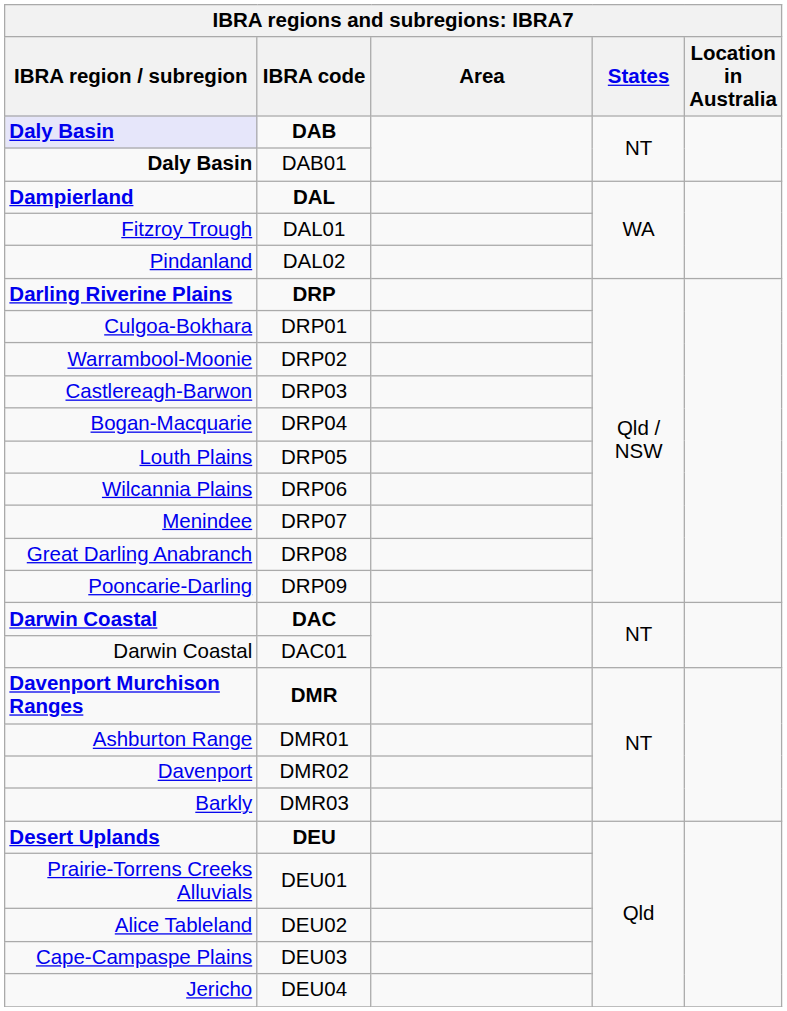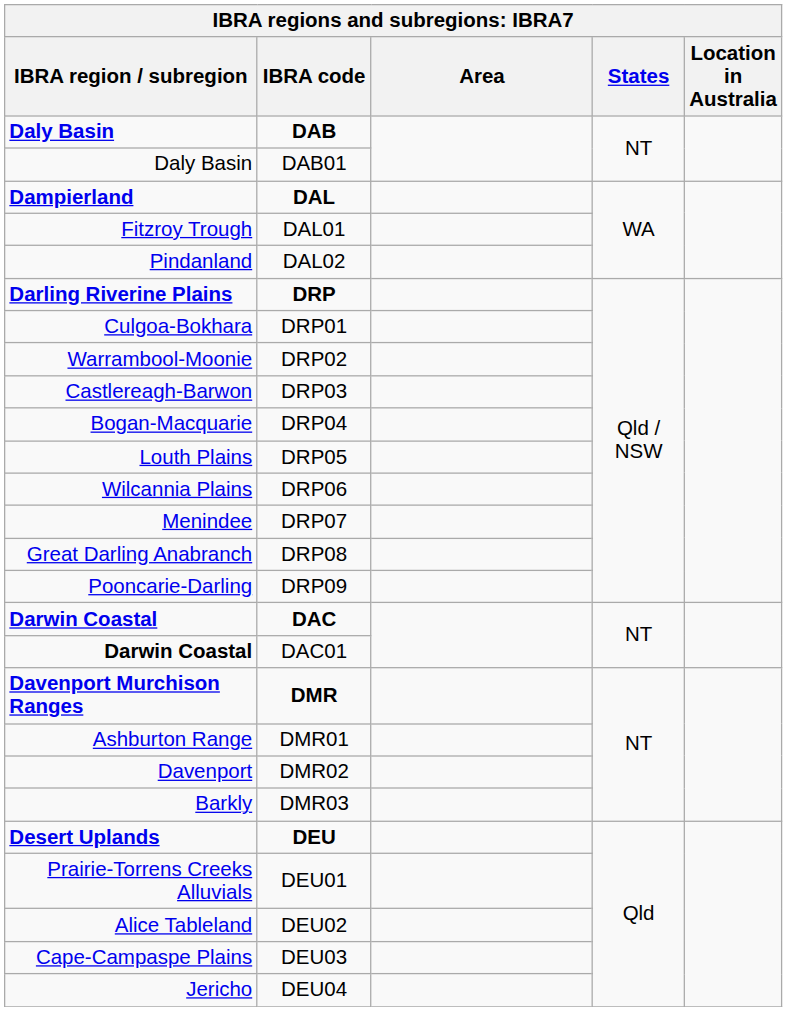 <table class="wikitable sortable">
 <tr>
 <th rowwidth=100px colspan=5>IBRA regions and subregions: IBRA7</th>
 </tr>
 <tr>
 <th scope="col" style="width:250px;">IBRA region / subregion</th>
 <th scope="col" style="width:100px;">IBRA code</th>
 <th scope="col" style="width:250px;">Area</th>
 <th scope="col" style="width:75px;"><a href='#'>States</a></th>
 <th>Location in Australia</th>
 </tr>
 <tr>
-<td style="background: lavender;"><strong><a href='#'>Daly Basin</a></strong></td>
+<td><strong><a href='#'>Daly Basin</a></strong></td>
 <td style="text-align:center;"><strong>DAB</strong></td>
 <td style="text-align:right;" rowspan="2"><strong></strong></td>
 <td style="text-align:center;" rowspan="2">NT</td>
 <td style="text-align:center;" rowspan="2"></td>
 </tr>
 <tr>
-<td align="right"><strong>Daly Basin</strong></td>
+<td align="right">Daly Basin</td>
 <td style="text-align:center;">DAB01</td>
 </tr>
 <tr>
 <td><strong><a href='#'>Dampierland</a></strong></td>
 <td style="text-align:center;"><strong>DAL</strong></td>
 <td align="right"><strong></strong></td>
 <td style="text-align:center;" rowspan="3">WA</td>
 <td style="text-align:center;" rowspan="3"></td>
 </tr>
 <tr>
 <td align="right"><a href='#'>Fitzroy Trough</a></td>
 <td style="text-align:center;">DAL01</td>
 <td align="right"></td>
 </tr>
 <tr>
 <td align="right"><a href='#'>Pindanland</a></td>
 <td style="text-align:center;">DAL02</td>
 <td align="right"></td>
 </tr>
 <tr>
 <td><strong><a href='#'>Darling Riverine Plains</a></strong></td>
 <td style="text-align:center;"><strong>DRP</strong></td>
 <td align="right"><strong></strong></td>
 <td style="text-align:center;" rowspan="10">Qld / NSW</td>
 <td style="text-align:center;" rowspan="10"></td>
 </tr>
 <tr>
 <td align="right"><a href='#'>Culgoa-Bokhara</a></td>
 <td style="text-align:center;">DRP01</td>
 <td align="right"></td>
 </tr>
 <tr>
 <td align="right"><a href='#'>Warrambool-Moonie</a></td>
 <td style="text-align:center;">DRP02</td>
 <td align="right"></td>
 </tr>
 <tr>
 <td align="right"><a href='#'>Castlereagh-Barwon</a></td>
 <td style="text-align:center;">DRP03</td>
 <td align="right"></td>
 </tr>
 <tr>
 <td align="right"><a href='#'>Bogan-Macquarie</a></td>
 <td style="text-align:center;">DRP04</td>
 <td align="right"></td>
 </tr>
 <tr>
 <td align="right"><a href='#'>Louth Plains</a></td>
 <td style="text-align:center;">DRP05</td>
 <td align="right"></td>
 </tr>
 <tr>
 <td align="right"><a href='#'>Wilcannia Plains</a></td>
 <td style="text-align:center;">DRP06</td>
 <td align="right"></td>
 </tr>
 <tr>
 <td align="right"><a href='#'>Menindee</a></td>
 <td style="text-align:center;">DRP07</td>
 <td align="right"></td>
 </tr>
 <tr>
 <td align="right"><a href='#'>Great Darling Anabranch</a></td>
 <td style="text-align:center;">DRP08</td>
 <td align="right"></td>
 </tr>
 <tr>
 <td align="right"><a href='#'>Pooncarie-Darling</a></td>
 <td style="text-align:center;">DRP09</td>
 <td align="right"></td>
 </tr>
 <tr>
 <td><strong><a href='#'>Darwin Coastal</a></strong></td>
 <td style="text-align:center;"><strong>DAC</strong></td>
 <td style="text-align:right;" rowspan="2"><strong></strong></td>
 <td style="text-align:center;" rowspan="2">NT</td>
 <td style="text-align:center;" rowspan="2"></td>
 </tr>
 <tr>
-<td align="right">Darwin Coastal</td>
+<td align="right"><strong>Darwin Coastal</strong></td>
 <td style="text-align:center;">DAC01</td>
 </tr>
 <tr>
 <td><strong><a href='#'>Davenport Murchison Ranges</a></strong></td>
 <td style="text-align:center;"><strong>DMR</strong></td>
 <td align="right"><strong></strong></td>
 <td style="text-align:center;" rowspan="4">NT</td>
 <td style="text-align:center;" rowspan="4"></td>
 </tr>
 <tr>
 <td align="right"><a href='#'>Ashburton Range</a></td>
 <td style="text-align:center;">DMR01</td>
 <td align="right"></td>
 </tr>
 <tr>
 <td align="right"><a href='#'>Davenport</a></td>
 <td style="text-align:center;">DMR02</td>
 <td align="right"></td>
 </tr>
 <tr>
 <td align="right"><a href='#'>Barkly</a></td>
 <td style="text-align:center;">DMR03</td>
 <td align="right"></td>
 </tr>
 <tr>
 <td><strong><a href='#'>Desert Uplands</a></strong></td>
 <td style="text-align:center;"><strong>DEU</strong></td>
 <td align="right"><strong></strong></td>
 <td style="text-align:center;" rowspan="5">Qld</td>
 <td style="text-align:center;" rowspan="5"></td>
 </tr>
 <tr>
 <td align="right"><a href='#'>Prairie-Torrens Creeks Alluvials</a></td>
 <td style="text-align:center;">DEU01</td>
 <td align="right"></td>
 </tr>
 <tr>
 <td align="right"><a href='#'>Alice Tableland</a></td>
 <td style="text-align:center;">DEU02</td>
 <td align="right"></td>
 </tr>
 <tr>
 <td align="right"><a href='#'>Cape-Campaspe Plains</a></td>
 <td style="text-align:center;">DEU03</td>
 <td align="right"></td>
 </tr>
 <tr>
 <td align="right"><a href='#'>Jericho</a></td>
 <td style="text-align:center;">DEU04</td>
 <td align="right"></td>
 </tr>
 </table>
